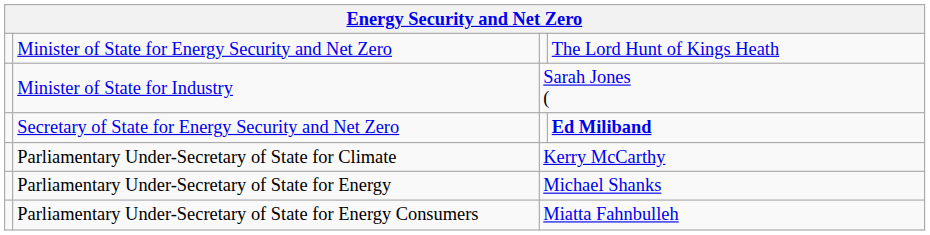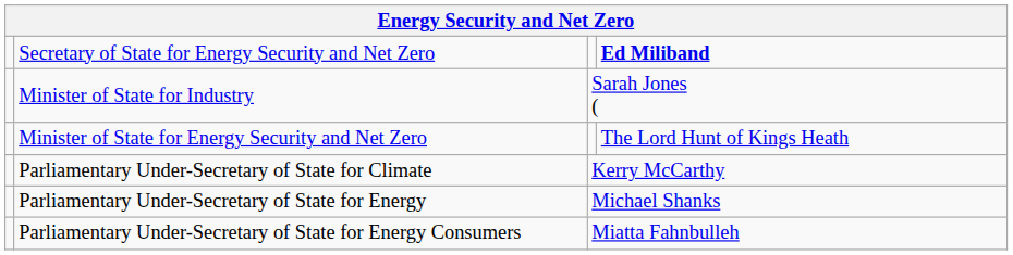 <table class="wikitable">
 <tr>
 <th colspan="4"><a href='#'>Energy Security and Net Zero</a></th>
 </tr>
 <tr>
 <td style="background: "></td>
-<td><a href='#'>Minister of State for Energy Security and Net Zero</a></td>
+<td style="width: 450px;"><a href='#'>Secretary of State for Energy Security and Net Zero</a></td>
 <td style="background: "></td>
-<td><a href='#'>The Lord Hunt of Kings Heath</a> <br></td>
+<td style="width: 320px;"><strong><a href='#'>Ed Miliband</a></strong></td>
 </tr>
 <tr>
 <td style="background: "></td>
 <td><a href='#'>Minister of State for Industry</a></td>
 <td colspan="2"><a href='#'>Sarah Jones</a><br>(</td>
 </tr>
 <tr>
 <td style="background: "></td>
-<td style="width: 450px;"><a href='#'>Secretary of State for Energy Security and Net Zero</a></td>
+<td><a href='#'>Minister of State for Energy Security and Net Zero</a></td>
 <td style="background: "></td>
-<td style="width: 320px;"><strong><a href='#'>Ed Miliband</a></strong></td>
+<td><a href='#'>The Lord Hunt of Kings Heath</a> <br></td>
 </tr>
 <tr>
 <td style="background: "></td>
 <td>Parliamentary Under-Secretary of State for Climate</td>
 <td colspan="2"><a href='#'>Kerry McCarthy</a></td>
 </tr>
 <tr>
 <td style="background: "></td>
 <td>Parliamentary Under-Secretary of State for Energy</td>
 <td colspan="2"><a href='#'>Michael Shanks</a></td>
 </tr>
 <tr>
 <td style="background: "></td>
 <td>Parliamentary Under-Secretary of State for Energy Consumers</td>
 <td colspan="2"><a href='#'>Miatta Fahnbulleh</a></td>
 </tr>
 </table>
